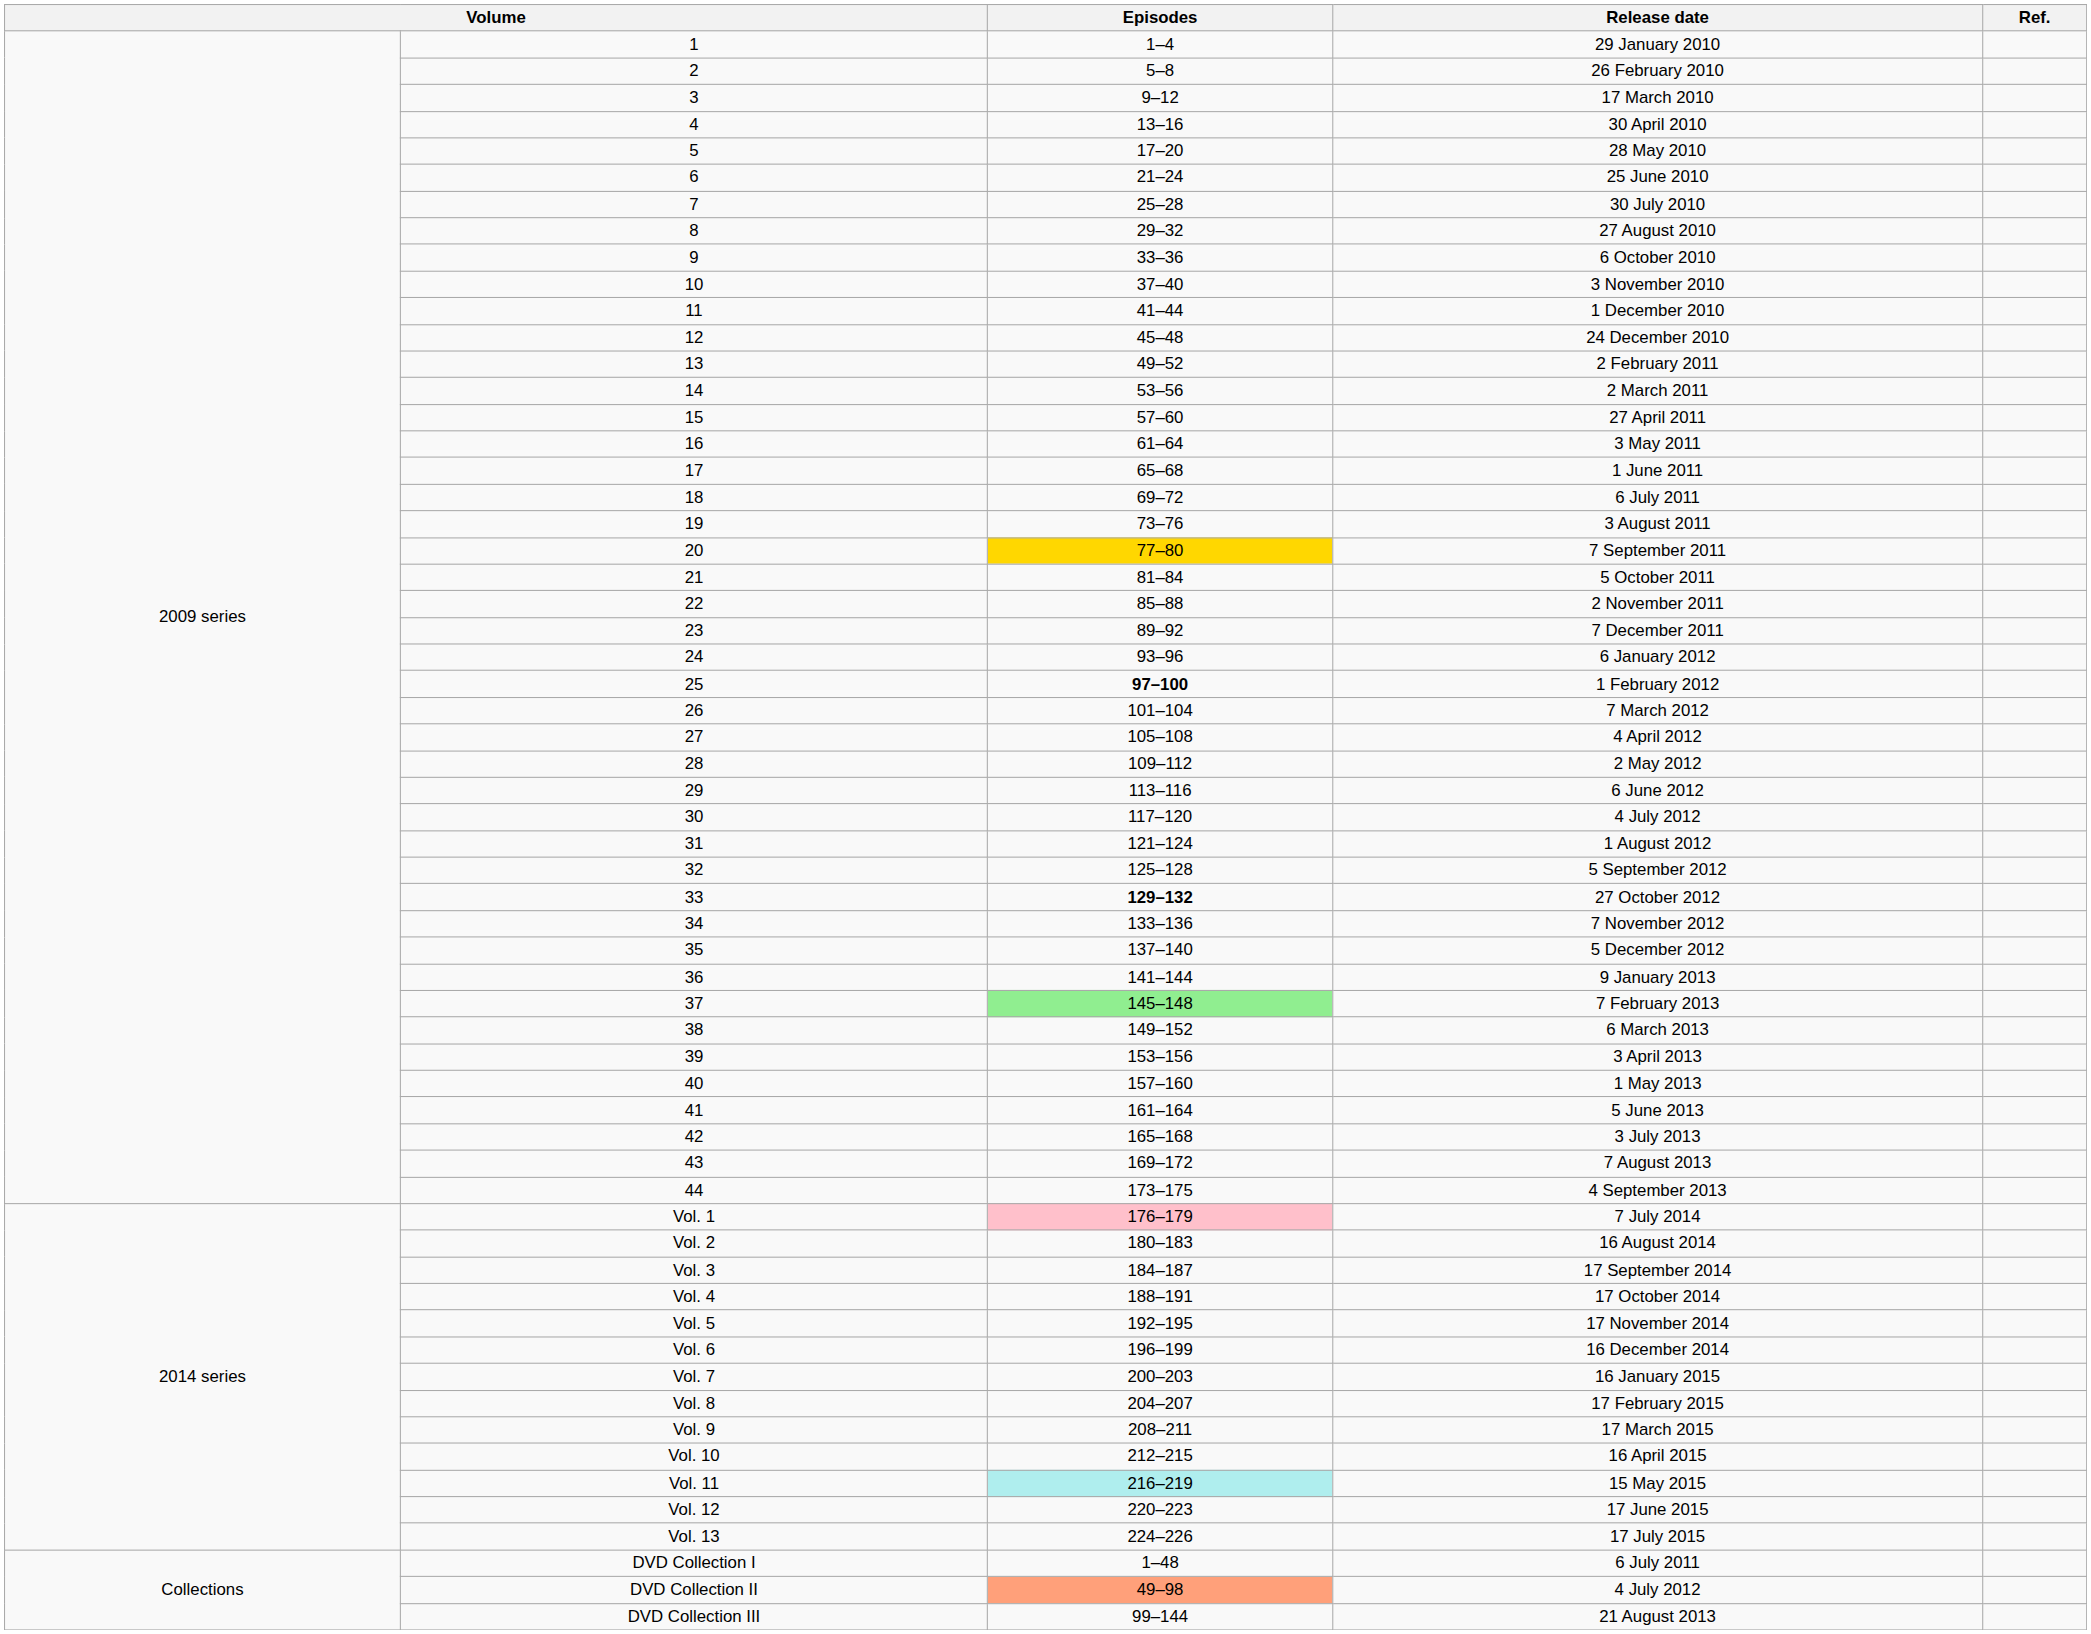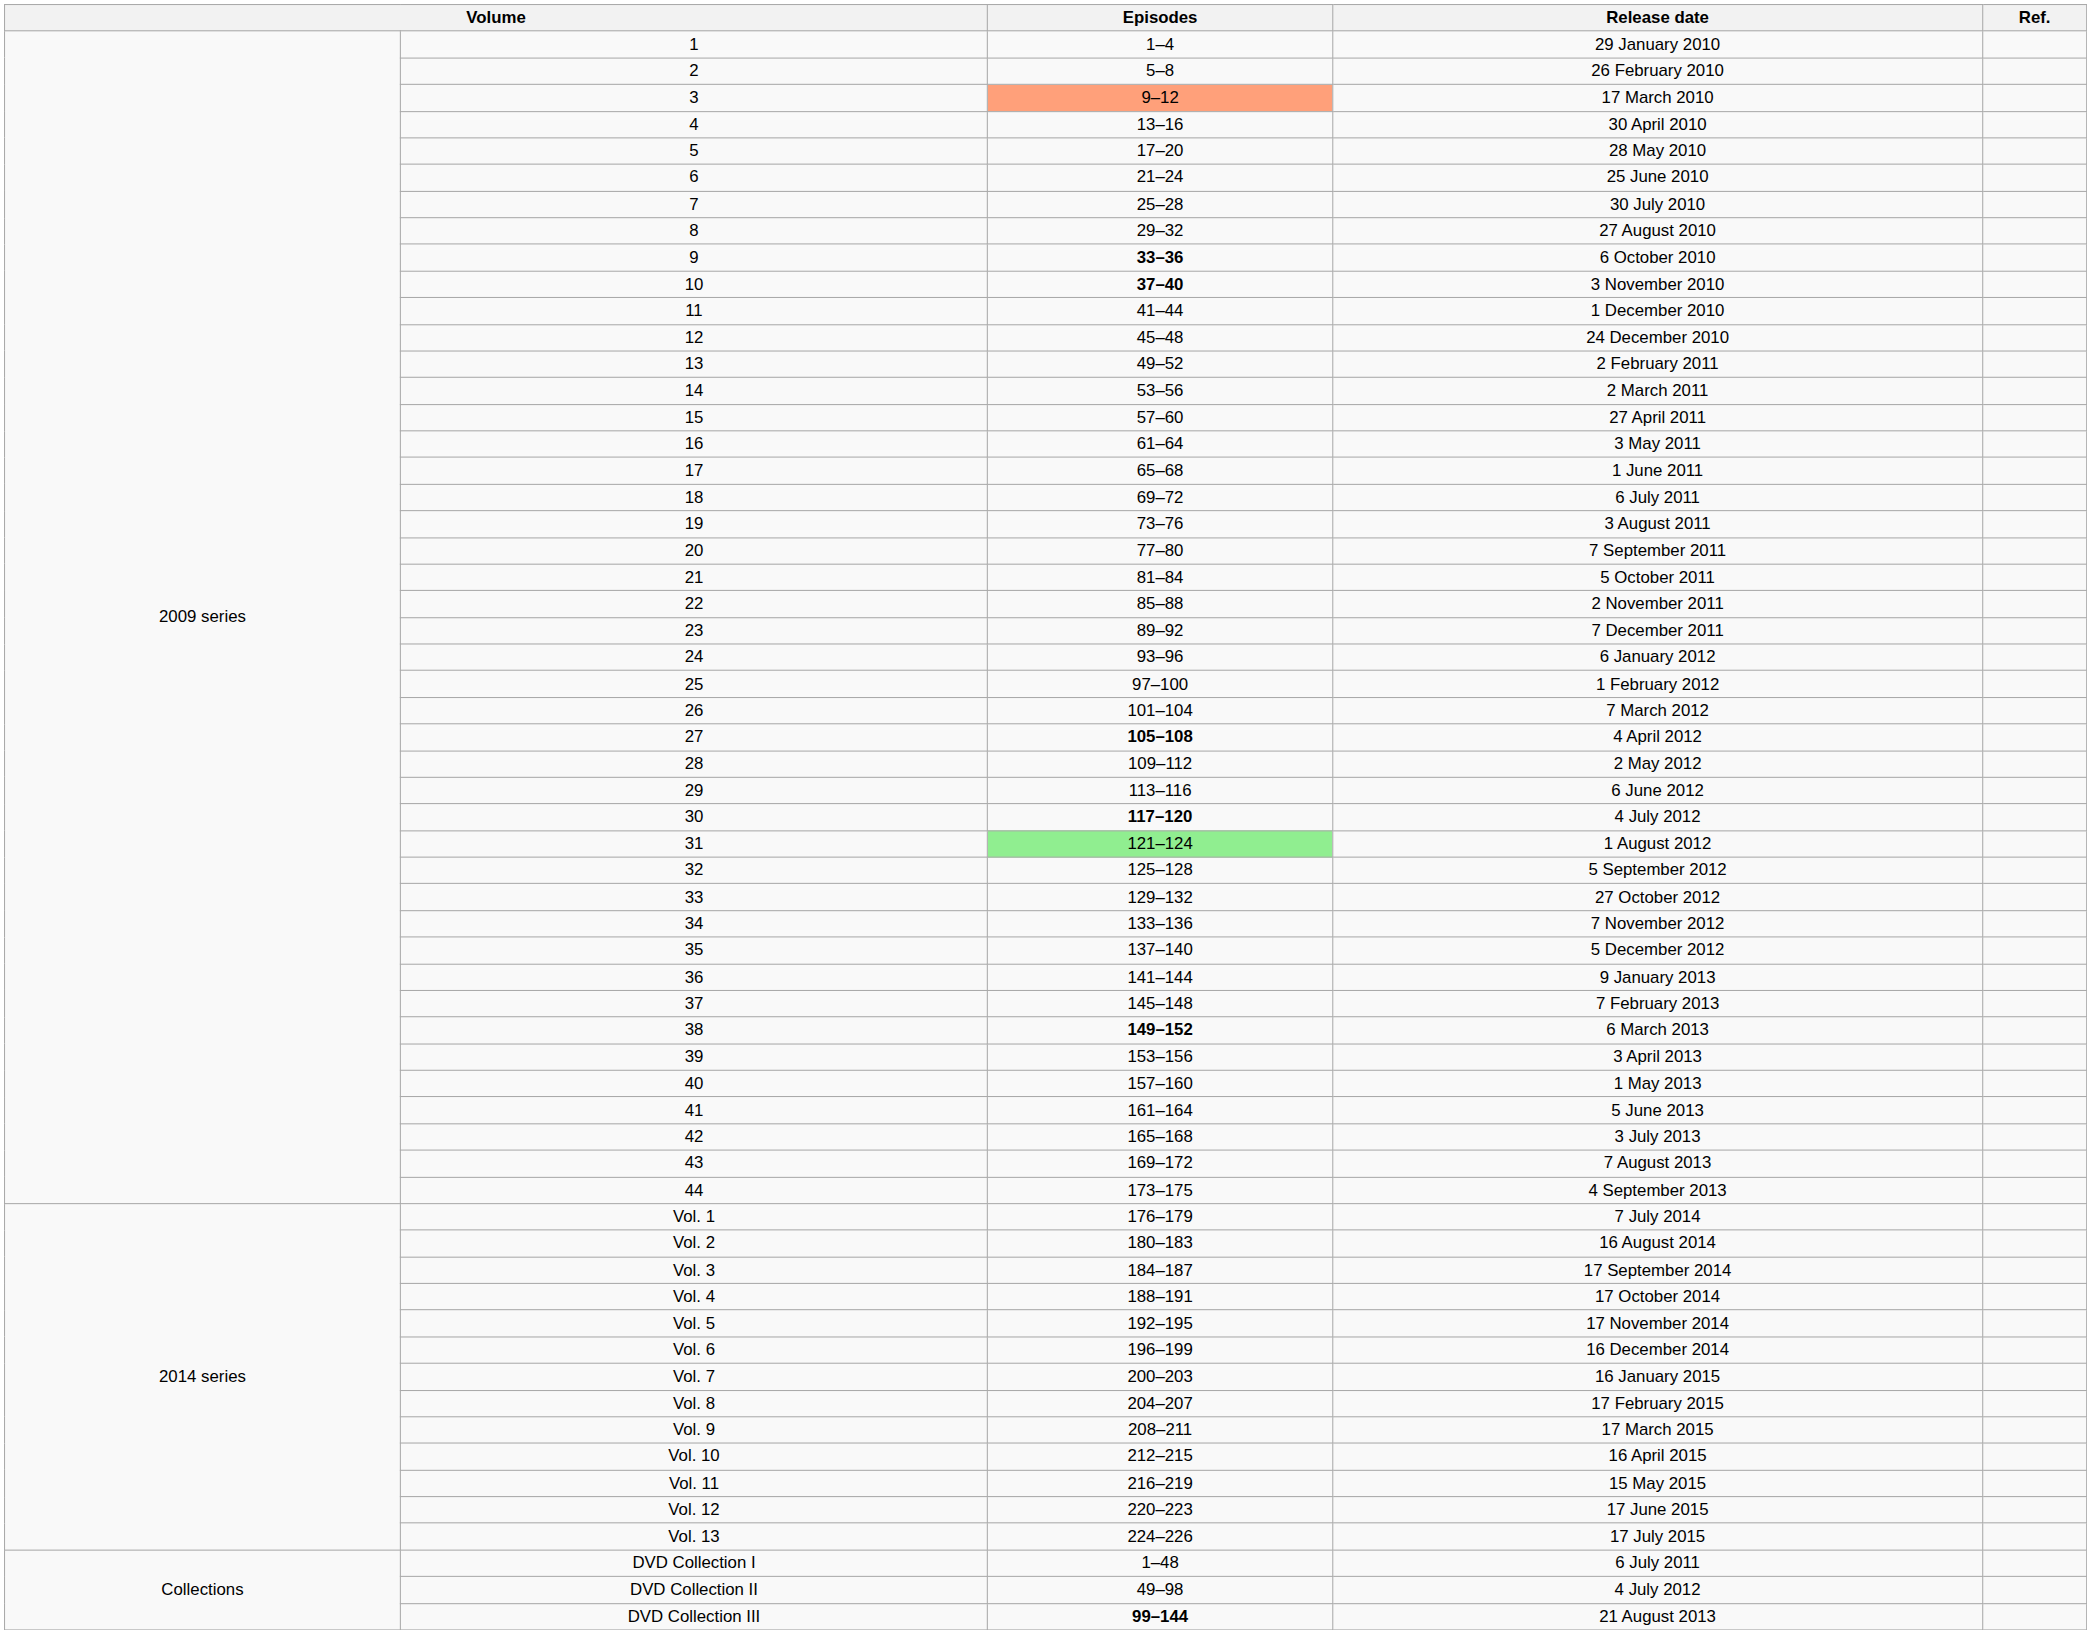 <table class="wikitable" style="text-align: center; width: 100%;">
 <tr>
 <th colspan="2">Volume</th>
 <th>Episodes</th>
 <th>Release date</th>
 <th width="5%">Ref.</th>
 </tr>
 <tr>
 <td rowspan="44">2009 series</td>
 <td>1</td>
 <td>1–4</td>
 <td>29 January 2010</td>
 <td></td>
 </tr>
 <tr>
 <td>2</td>
 <td>5–8</td>
 <td>26 February 2010</td>
 <td></td>
 </tr>
 <tr>
 <td>3</td>
-<td>9–12</td>
+<td style="background: lightsalmon;">9–12</td>
 <td>17 March 2010</td>
 <td></td>
 </tr>
 <tr>
 <td>4</td>
 <td>13–16</td>
 <td>30 April 2010</td>
 <td></td>
 </tr>
 <tr>
 <td>5</td>
 <td>17–20</td>
 <td>28 May 2010</td>
 <td></td>
 </tr>
 <tr>
 <td>6</td>
 <td>21–24</td>
 <td>25 June 2010</td>
 <td></td>
 </tr>
 <tr>
 <td>7</td>
 <td>25–28</td>
 <td>30 July 2010</td>
 <td></td>
 </tr>
 <tr>
 <td>8</td>
 <td>29–32</td>
 <td>27 August 2010</td>
 <td></td>
 </tr>
 <tr>
 <td>9</td>
-<td>33–36</td>
+<td><strong>33–36</strong></td>
 <td>6 October 2010</td>
 <td></td>
 </tr>
 <tr>
 <td>10</td>
-<td>37–40</td>
+<td><strong>37–40</strong></td>
 <td>3 November 2010</td>
 <td></td>
 </tr>
 <tr>
 <td>11</td>
 <td>41–44</td>
 <td>1 December 2010</td>
 <td></td>
 </tr>
 <tr>
 <td>12</td>
 <td>45–48</td>
 <td>24 December 2010</td>
 <td></td>
 </tr>
 <tr>
 <td>13</td>
 <td>49–52</td>
 <td>2 February 2011</td>
 <td></td>
 </tr>
 <tr>
 <td>14</td>
 <td>53–56</td>
 <td>2 March 2011</td>
 <td></td>
 </tr>
 <tr>
 <td>15</td>
 <td>57–60</td>
 <td>27 April 2011</td>
 <td></td>
 </tr>
 <tr>
 <td>16</td>
 <td>61–64</td>
 <td>3 May 2011</td>
 <td></td>
 </tr>
 <tr>
 <td>17</td>
 <td>65–68</td>
 <td>1 June 2011</td>
 <td></td>
 </tr>
 <tr>
 <td>18</td>
 <td>69–72</td>
 <td>6 July 2011</td>
 <td></td>
 </tr>
 <tr>
 <td>19</td>
 <td>73–76</td>
 <td>3 August 2011</td>
 <td></td>
 </tr>
 <tr>
 <td>20</td>
-<td style="background: gold;">77–80</td>
+<td>77–80</td>
 <td>7 September 2011</td>
 <td></td>
 </tr>
 <tr>
 <td>21</td>
 <td>81–84</td>
 <td>5 October 2011</td>
 <td></td>
 </tr>
 <tr>
 <td>22</td>
 <td>85–88</td>
 <td>2 November 2011</td>
 <td></td>
 </tr>
 <tr>
 <td>23</td>
 <td>89–92</td>
 <td>7 December 2011</td>
 <td></td>
 </tr>
 <tr>
 <td>24</td>
 <td>93–96</td>
 <td>6 January 2012</td>
 <td></td>
 </tr>
 <tr>
 <td>25</td>
-<td><strong>97–100</strong></td>
+<td>97–100</td>
 <td>1 February 2012</td>
 <td></td>
 </tr>
 <tr>
 <td>26</td>
 <td>101–104</td>
 <td>7 March 2012</td>
 <td></td>
 </tr>
 <tr>
 <td>27</td>
-<td>105–108</td>
+<td><strong>105–108</strong></td>
 <td>4 April 2012</td>
 <td></td>
 </tr>
 <tr>
 <td>28</td>
 <td>109–112</td>
 <td>2 May 2012</td>
 <td></td>
 </tr>
 <tr>
 <td>29</td>
 <td>113–116</td>
 <td>6 June 2012</td>
 <td></td>
 </tr>
 <tr>
 <td>30</td>
-<td>117–120</td>
+<td><strong>117–120</strong></td>
 <td>4 July 2012</td>
 <td></td>
 </tr>
 <tr>
 <td>31</td>
-<td>121–124</td>
+<td style="background: lightgreen;">121–124</td>
 <td>1 August 2012</td>
 <td></td>
 </tr>
 <tr>
 <td>32</td>
 <td>125–128</td>
 <td>5 September 2012</td>
 <td></td>
 </tr>
 <tr>
 <td>33</td>
-<td><strong>129–132</strong></td>
+<td>129–132</td>
 <td>27 October 2012</td>
 <td></td>
 </tr>
 <tr>
 <td>34</td>
 <td>133–136</td>
 <td>7 November 2012</td>
 <td></td>
 </tr>
 <tr>
 <td>35</td>
 <td>137–140</td>
 <td>5 December 2012</td>
 <td></td>
 </tr>
 <tr>
 <td>36</td>
 <td>141–144</td>
 <td>9 January 2013</td>
 <td></td>
 </tr>
 <tr>
 <td>37</td>
-<td style="background: lightgreen;">145–148</td>
+<td>145–148</td>
 <td>7 February 2013</td>
 <td></td>
 </tr>
 <tr>
 <td>38</td>
-<td>149–152</td>
+<td><strong>149–152</strong></td>
 <td>6 March 2013</td>
 <td></td>
 </tr>
 <tr>
 <td>39</td>
 <td>153–156</td>
 <td>3 April 2013</td>
 <td></td>
 </tr>
 <tr>
 <td>40</td>
 <td>157–160</td>
 <td>1 May 2013</td>
 <td></td>
 </tr>
 <tr>
 <td>41</td>
 <td>161–164</td>
 <td>5 June 2013</td>
 <td></td>
 </tr>
 <tr>
 <td>42</td>
 <td>165–168</td>
 <td>3 July 2013</td>
 <td></td>
 </tr>
 <tr>
 <td>43</td>
 <td>169–172</td>
 <td>7 August 2013</td>
 <td></td>
 </tr>
 <tr>
 <td>44</td>
 <td>173–175</td>
 <td>4 September 2013</td>
 <td></td>
 </tr>
 <tr>
 <td rowspan="13">2014 series</td>
 <td>Vol. 1</td>
-<td style="background: pink;">176–179</td>
+<td>176–179</td>
 <td>7 July 2014</td>
 <td></td>
 </tr>
 <tr>
 <td>Vol. 2</td>
 <td>180–183</td>
 <td>16 August 2014</td>
 <td></td>
 </tr>
 <tr>
 <td>Vol. 3</td>
 <td>184–187</td>
 <td>17 September 2014</td>
 <td></td>
 </tr>
 <tr>
 <td>Vol. 4</td>
 <td>188–191</td>
 <td>17 October 2014</td>
 <td></td>
 </tr>
 <tr>
 <td>Vol. 5</td>
 <td>192–195</td>
 <td>17 November 2014</td>
 <td></td>
 </tr>
 <tr>
 <td>Vol. 6</td>
 <td>196–199</td>
 <td>16 December 2014</td>
 <td></td>
 </tr>
 <tr>
 <td>Vol. 7</td>
 <td>200–203</td>
 <td>16 January 2015</td>
 <td></td>
 </tr>
 <tr>
 <td>Vol. 8</td>
 <td>204–207</td>
 <td>17 February 2015</td>
 <td></td>
 </tr>
 <tr>
 <td>Vol. 9</td>
 <td>208–211</td>
 <td>17 March 2015</td>
 <td></td>
 </tr>
 <tr>
 <td>Vol. 10</td>
 <td>212–215</td>
 <td>16 April 2015</td>
 <td></td>
 </tr>
 <tr>
 <td>Vol. 11</td>
-<td style="background: paleturquoise;">216–219</td>
+<td>216–219</td>
 <td>15 May 2015</td>
 <td></td>
 </tr>
 <tr>
 <td>Vol. 12</td>
 <td>220–223</td>
 <td>17 June 2015</td>
 <td></td>
 </tr>
 <tr>
 <td>Vol. 13</td>
 <td>224–226</td>
 <td>17 July 2015</td>
 <td></td>
 </tr>
 <tr>
 <td rowspan="3">Collections</td>
 <td>DVD Collection I</td>
 <td>1–48</td>
 <td>6 July 2011</td>
 <td></td>
 </tr>
 <tr>
 <td>DVD Collection II</td>
-<td style="background: lightsalmon;">49–98</td>
+<td>49–98</td>
 <td>4 July 2012</td>
 <td></td>
 </tr>
 <tr>
 <td>DVD Collection III</td>
-<td>99–144</td>
+<td><strong>99–144</strong></td>
 <td>21 August 2013</td>
 <td></td>
 </tr>
 </table>
